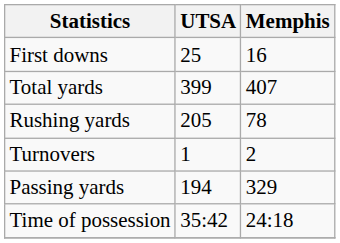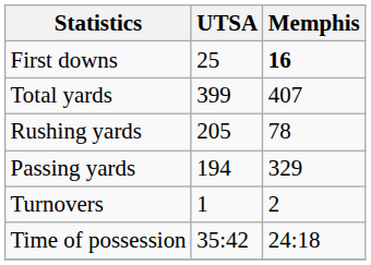 <table class="wikitable">
 <tr>
 <th>Statistics</th>
 <th>UTSA</th>
 <th>Memphis</th>
 </tr>
 <tr>
 <td>First downs</td>
 <td>25</td>
-<td>16</td>
+<td><strong>16</strong></td>
 </tr>
 <tr>
 <td>Total yards</td>
 <td>399</td>
 <td>407</td>
 </tr>
 <tr>
 <td>Rushing yards</td>
 <td>205</td>
 <td>78</td>
 </tr>
 <tr>
+<td>Passing yards</td>
+<td>194</td>
+<td>329</td>
+</tr>
+<tr>
 <td>Turnovers</td>
 <td>1</td>
 <td>2</td>
-</tr>
-<tr>
-<td>Passing yards</td>
-<td>194</td>
-<td>329</td>
 </tr>
 <tr>
 <td>Time of possession</td>
 <td>35:42</td>
 <td>24:18</td>
 </tr>
 <tr>
 </tr>
 </table>
